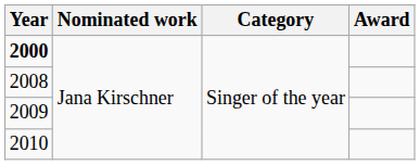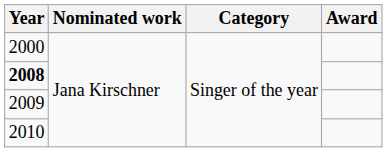 <table class="wikitable">
 <tr>
 <th>Year</th>
 <th>Nominated work</th>
 <th>Category</th>
 <th>Award</th>
 </tr>
 <tr>
-<td><strong>2000</strong></td>
+<td>2000</td>
 <td rowspan="4">Jana Kirschner</td>
 <td rowspan="4">Singer of the year</td>
 <td></td>
 </tr>
 <tr>
-<td>2008</td>
+<td><strong>2008</strong></td>
 <td></td>
 </tr>
 <tr>
 <td>2009</td>
 <td></td>
 </tr>
 <tr>
 <td>2010</td>
 <td></td>
 </tr>
 </table>
